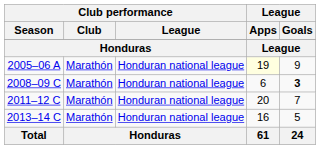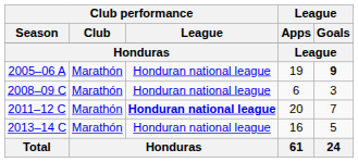 <table class="wikitable" style="text-align:center">
 <tr>
 <th colspan=3>Club performance</th>
 <th colspan=2>League</th>
 </tr>
 <tr>
 <th>Season</th>
 <th>Club</th>
 <th>League</th>
 <th>Apps</th>
 <th>Goals</th>
 </tr>
 <tr>
 </tr>
 <tr>
 <th colspan=3>Honduras</th>
 <th colspan=2>League</th>
 </tr>
 <tr>
 <td><a href='#'>2005–06 A</a></td>
 <td rowspan="1"><a href='#'>Marathón</a></td>
 <td rowspan="1"><a href='#'>Honduran national league</a></td>
-<td style="background: lightyellow;">19</td>
-<td>9</td>
+<td>19</td>
+<td><strong>9</strong></td>
 </tr>
 <tr>
 <td><a href='#'>2008–09 C</a></td>
 <td rowspan="1"><a href='#'>Marathón</a></td>
 <td rowspan="1"><a href='#'>Honduran national league</a></td>
 <td>6</td>
-<td><strong>3</strong></td>
+<td>3</td>
 </tr>
 <tr>
 <td><a href='#'>2011–12 C</a></td>
 <td rowspan="1"><a href='#'>Marathón</a></td>
-<td rowspan="1"><a href='#'>Honduran national league</a></td>
+<td rowspan="1"><strong><a href='#'>Honduran national league</a></strong></td>
 <td>20</td>
 <td>7</td>
 </tr>
 <tr>
 <td><a href='#'>2013–14 C</a></td>
 <td rowspan="1"><a href='#'>Marathón</a></td>
 <td rowspan="1"><a href='#'>Honduran national league</a></td>
 <td>16</td>
 <td>5</td>
 </tr>
 <tr>
 <th rowspan=3>Total</th>
 <th colspan=2>Honduras</th>
 <th>61</th>
 <th>24</th>
 </tr>
 </table>
